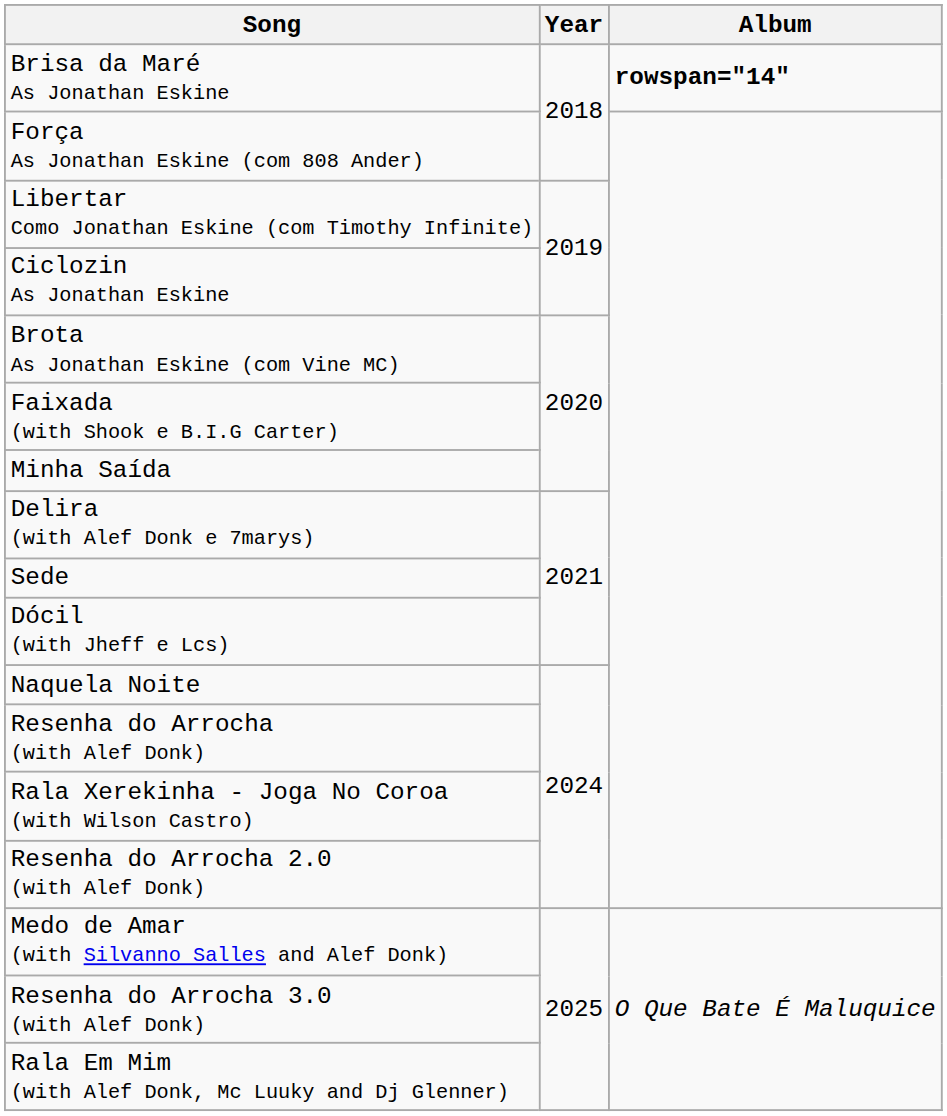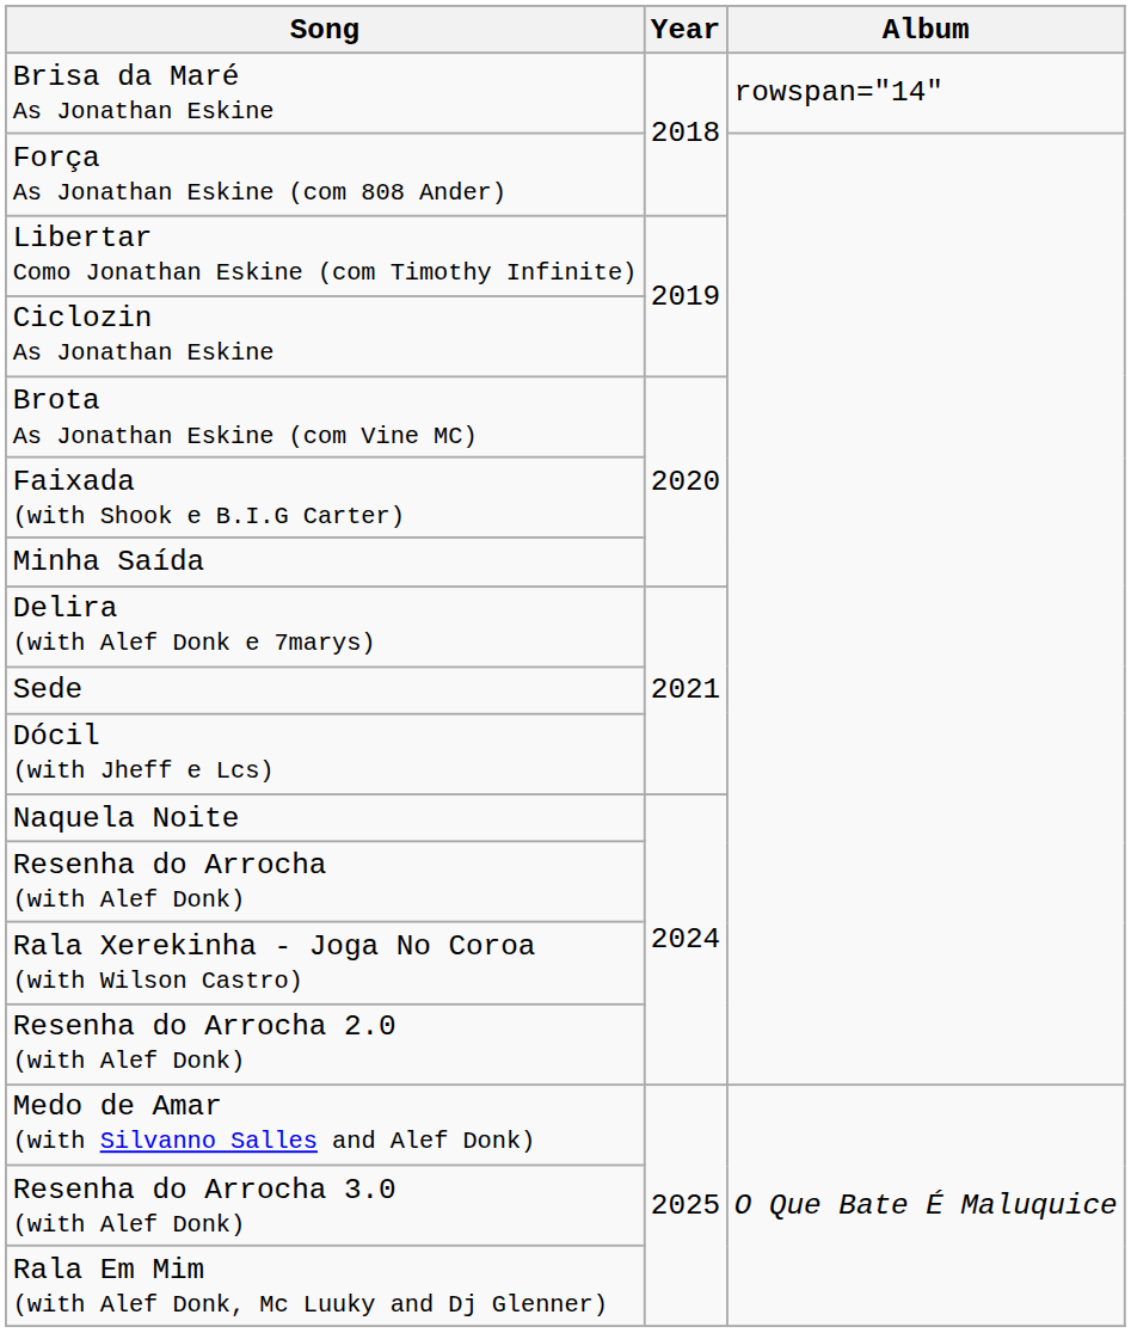 <table class="wikitable">
 <tr>
 <th>Song</th>
 <th>Year</th>
 <th>Album</th>
 </tr>
 <tr>
 <td>Brisa da Maré<br><small>As Jonathan Eskine</small></td>
 <td rowspan="2">2018</td>
-<td><strong>rowspan="14" </strong></td>
+<td>rowspan="14" </td>
 </tr>
 <tr>
 <td>Força<br><small>As Jonathan Eskine (com 808 Ander)</small></td>
 </tr>
 <tr>
 <td>Libertar<br><small>Como Jonathan Eskine (com Timothy Infinite)</small></td>
 <td rowspan="2">2019</td>
 </tr>
 <tr>
 <td>Ciclozin<br><small>As Jonathan Eskine</small></td>
 </tr>
 <tr>
 <td>Brota<br><small>As Jonathan Eskine (com Vine MC)</small></td>
 <td rowspan="3">2020</td>
 </tr>
 <tr>
 <td>Faixada<br><small>(with Shook e B.I.G Carter)</small></td>
 </tr>
 <tr>
 <td>Minha Saída</td>
 </tr>
 <tr>
 <td>Delira<br><small>(with Alef Donk e 7marys)</small></td>
 <td rowspan="3">2021</td>
 </tr>
 <tr>
 <td>Sede</td>
 </tr>
 <tr>
 <td>Dócil<br><small>(with Jheff e Lcs)</small></td>
 </tr>
 <tr>
 <td>Naquela Noite</td>
 <td rowspan="4">2024</td>
 </tr>
 <tr>
 <td>Resenha do Arrocha<br><small>(with Alef Donk)</small></td>
 </tr>
 <tr>
 <td>Rala Xerekinha - Joga No Coroa<br><small>(with Wilson Castro)</small></td>
 </tr>
 <tr>
 <td>Resenha do Arrocha 2.0<br><small>(with Alef Donk)</small></td>
 </tr>
 <tr>
 <td>Medo de Amar<br><small>(with <a href='#'>Silvanno Salles</a> and Alef Donk)</small></td>
 <td rowspan="3">2025</td>
 <td rowspan="3"><em>O Que Bate É Maluquice</em></td>
 </tr>
 <tr>
 <td>Resenha do Arrocha 3.0<br><small>(with Alef Donk)</small></td>
 </tr>
 <tr>
 <td>Rala Em Mim<br><small>(with Alef Donk, Mc Luuky and Dj Glenner)</small></td>
 </tr>
 </table>
